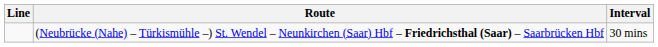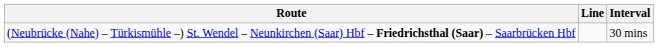 <table class="wikitable">
 <tr>
+<th>Route</th>
 <th>Line</th>
-<th>Route</th>
 <th>Interval</th>
 </tr>
 <tr>
+<td>(<a href='#'>Neubrücke (Nahe)</a> – <a href='#'>Türkismühle</a> –) <a href='#'>St. Wendel</a> – <a href='#'>Neunkirchen (Saar) Hbf</a> – <strong>Friedrichsthal (Saar) </strong> – <a href='#'>Saarbrücken Hbf</a></td>
 <td align="center"></td>
-<td>(<a href='#'>Neubrücke (Nahe)</a> – <a href='#'>Türkismühle</a> –) <a href='#'>St. Wendel</a> – <a href='#'>Neunkirchen (Saar) Hbf</a> – <strong>Friedrichsthal (Saar) </strong> – <a href='#'>Saarbrücken Hbf</a></td>
 <td>30 mins</td>
 </tr>
 </table>
